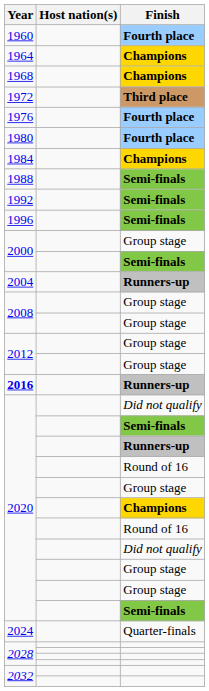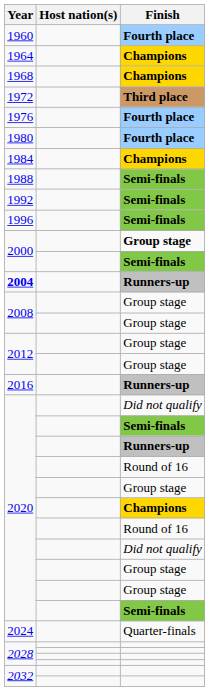 <table class="wikitable" style="margin: auto;">
 <tr>
 <th>Year</th>
 <th>Host nation(s)</th>
 <th>Finish</th>
 </tr>
 <tr>
 <td><a href='#'>1960</a></td>
 <td></td>
 <td bgcolor=#9acdff><strong>Fourth place</strong></td>
 </tr>
 <tr>
 <td><a href='#'>1964</a></td>
 <td></td>
 <td bgcolor=Gold><strong>Champions</strong></td>
 </tr>
 <tr>
 <td><a href='#'>1968</a></td>
 <td></td>
 <td bgcolor=Gold><strong>Champions</strong></td>
 </tr>
 <tr>
 <td><a href='#'>1972</a></td>
 <td></td>
 <td bgcolor=cc9966><strong>Third place</strong></td>
 </tr>
 <tr>
 <td><a href='#'>1976</a></td>
 <td></td>
 <td bgcolor=#9acdff><strong>Fourth place</strong></td>
 </tr>
 <tr>
 <td><a href='#'>1980</a></td>
 <td></td>
 <td bgcolor=#9acdff><strong>Fourth place</strong></td>
 </tr>
 <tr>
 <td><a href='#'>1984</a></td>
 <td></td>
 <td bgcolor=Gold><strong>Champions</strong></td>
 </tr>
 <tr>
 <td><a href='#'>1988</a></td>
 <td></td>
 <td bgcolor=#81c846><strong>Semi-finals</strong></td>
 </tr>
 <tr>
 <td><a href='#'>1992</a></td>
 <td></td>
 <td bgcolor=#81c846><strong>Semi-finals</strong></td>
 </tr>
 <tr>
 <td><a href='#'>1996</a></td>
 <td></td>
 <td bgcolor=#81c846><strong>Semi-finals</strong></td>
 </tr>
 <tr>
 <td rowspan=2><a href='#'>2000</a></td>
 <td></td>
-<td>Group stage</td>
+<td><strong>Group stage</strong></td>
 </tr>
 <tr>
 <td></td>
 <td bgcolor=#81c846><strong>Semi-finals</strong></td>
 </tr>
 <tr>
-<td><a href='#'>2004</a></td>
+<td><strong><a href='#'>2004</a></strong></td>
 <td></td>
 <td bgcolor=Silver><strong>Runners-up</strong></td>
 </tr>
 <tr>
 <td rowspan=2><a href='#'>2008</a></td>
 <td></td>
 <td>Group stage</td>
 </tr>
 <tr>
 <td></td>
 <td>Group stage</td>
 </tr>
 <tr>
 <td rowspan=2><a href='#'>2012</a></td>
 <td></td>
 <td>Group stage</td>
 </tr>
 <tr>
 <td></td>
 <td>Group stage</td>
 </tr>
 <tr>
-<td><strong><a href='#'>2016</a></strong></td>
+<td><a href='#'>2016</a></td>
 <td></td>
 <td bgcolor=Silver><strong>Runners-up</strong></td>
 </tr>
 <tr>
 <td rowspan=11><a href='#'>2020</a></td>
 <td></td>
 <td><em>Did not qualify</em></td>
 </tr>
 <tr>
 <td></td>
 <td bgcolor=#81c846><strong>Semi-finals</strong></td>
 </tr>
 <tr>
 <td></td>
 <td bgcolor=Silver><strong>Runners-up</strong></td>
 </tr>
 <tr>
 <td></td>
 <td>Round of 16</td>
 </tr>
 <tr>
 <td></td>
 <td>Group stage</td>
 </tr>
 <tr>
 <td></td>
 <td bgcolor=Gold><strong>Champions</strong></td>
 </tr>
 <tr>
 <td></td>
 <td>Round of 16</td>
 </tr>
 <tr>
 <td></td>
 <td><em>Did not qualify</em></td>
 </tr>
 <tr>
 <td></td>
 <td>Group stage</td>
 </tr>
 <tr>
 <td></td>
 <td>Group stage</td>
 </tr>
 <tr>
 <td></td>
 <td bgcolor=#81c846><strong>Semi-finals</strong></td>
 </tr>
 <tr>
 <td><a href='#'>2024</a></td>
 <td></td>
 <td>Quarter-finals</td>
 </tr>
 <tr>
 <td rowspan="4"><em><a href='#'>2028</a></em></td>
 <td><em></em></td>
 <td></td>
 </tr>
 <tr>
 <td><em></em></td>
 <td></td>
 </tr>
 <tr>
 <td><em></em></td>
 <td></td>
 </tr>
 <tr>
 <td><em></em></td>
 <td></td>
 </tr>
 <tr>
 <td rowspan="2"><em><a href='#'>2032</a></em></td>
 <td><em></em></td>
 <td></td>
 </tr>
 <tr>
 <td><em></em></td>
 <td></td>
 </tr>
 </table>
